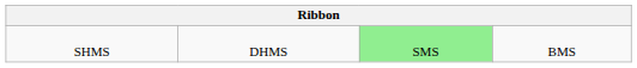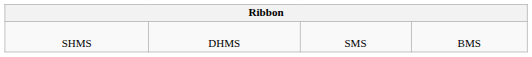 <table class="wikitable" width=60% style="margin: 1em auto;">
 <tr>
 <th colspan=4>Ribbon</th>
 </tr>
 <tr>
 <td valign=top align=center> <br> SHMS</td>
 <td align=center> <br>DHMS</td>
-<td valign=top align=center style="background: lightgreen;"> <br> SMS</td>
+<td valign=top align=center> <br> SMS</td>
 <td valign=top align=center> <br> BMS</td>
 </tr>
 </table>
